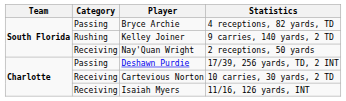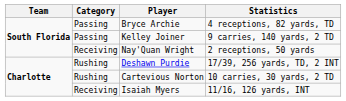 <table class="wikitable" style="float: right;">
 <tr>
 <th>Team</th>
 <th>Category</th>
 <th>Player</th>
 <th>Statistics</th>
 </tr>
 <tr>
 <td rowspan=3><strong>South Florida</strong></td>
 <td>Passing</td>
 <td>Bryce Archie</td>
 <td>4 receptions, 82 yards, TD</td>
 </tr>
 <tr>
-<td>Rushing</td>
+<td>Passing</td>
 <td>Kelley Joiner</td>
 <td>9 carries, 140 yards, 2 TD</td>
 </tr>
 <tr>
 <td>Receiving</td>
 <td>Nay'Quan Wright</td>
 <td>2 receptions, 50 yards</td>
 </tr>
 <tr>
 <td rowspan=3><strong>Charlotte</strong></td>
-<td>Passing</td>
+<td>Rushing</td>
 <td><a href='#'>Deshawn Purdie</a></td>
 <td>17/39, 256 yards, TD, 2 INT</td>
 </tr>
 <tr>
-<td>Receiving</td>
+<td>Rushing</td>
 <td>Cartevious Norton</td>
 <td>10 carries, 30 yards, 2 TD</td>
 </tr>
 <tr>
 <td>Receiving</td>
 <td>Isaiah Myers</td>
 <td>11/16, 126 yards, INT</td>
 </tr>
 </table>
